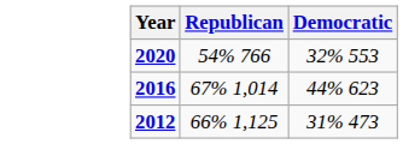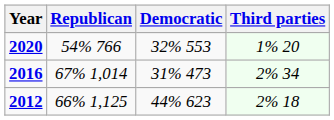 <table class="wikitable" style="float:right; font-size:95%;">
 <tr bgcolor=lightgrey>
 <th>Year</th>
 <th><a href='#'>Republican</a></th>
 <th><a href='#'>Democratic</a></th>
+<th><a href='#'>Third parties</a></th>
 </tr>
 <tr>
 <td style="text-align:center; "><strong><a href='#'>2020</a></strong></td>
 <td style="text-align:center; "><em>54%</em> <em>766</em></td>
 <td style="text-align:center; "><em>32%</em> <em>553</em></td>
+<td style="text-align:center; background:honeyDew;"><em>1%</em> <em>20</em></td>
 </tr>
 <tr>
 <td style="text-align:center; "><strong><a href='#'>2016</a></strong></td>
 <td style="text-align:center; "><em>67%</em> <em>1,014</em></td>
-<td style="text-align:center; "><em>44%</em> <em>623</em></td>
+<td style="text-align:center; "><em>31%</em> <em>473</em></td>
+<td style="text-align:center; background:honeyDew;"><em>2%</em> <em>34</em></td>
 </tr>
 <tr>
 <td style="text-align:center; "><strong><a href='#'>2012</a></strong></td>
 <td style="text-align:center; "><em>66%</em> <em>1,125</em></td>
-<td style="text-align:center; "><em>31%</em> <em>473</em></td>
+<td style="text-align:center; "><em>44%</em> <em>623</em></td>
+<td style="text-align:center; background:honeyDew;"><em>2%</em> <em>18</em></td>
 </tr>
 </table>
